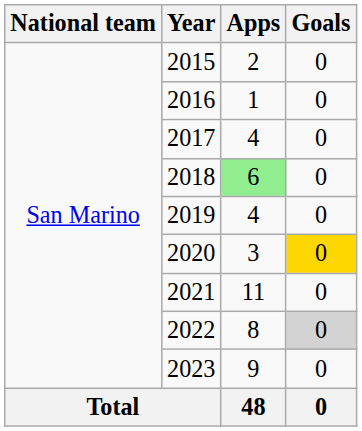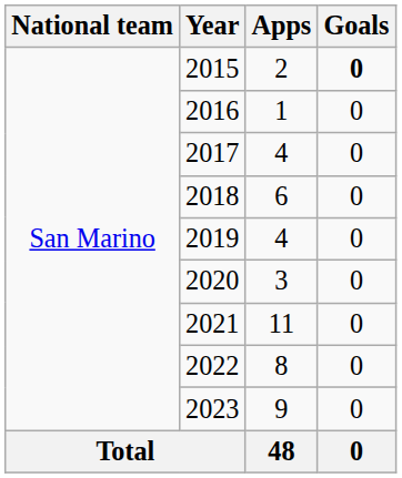 <table class="wikitable" style="text-align:center">
 <tr>
 <th>National team</th>
 <th>Year</th>
 <th>Apps</th>
 <th>Goals</th>
 </tr>
 <tr>
 <td rowspan="9"><a href='#'>San Marino</a></td>
 <td>2015</td>
 <td>2</td>
-<td>0</td>
+<td><strong>0</strong></td>
 </tr>
 <tr>
 <td>2016</td>
 <td>1</td>
 <td>0</td>
 </tr>
 <tr>
 <td>2017</td>
 <td>4</td>
 <td>0</td>
 </tr>
 <tr>
 <td>2018</td>
-<td style="background: lightgreen;">6</td>
+<td>6</td>
 <td>0</td>
 </tr>
 <tr>
 <td>2019</td>
 <td>4</td>
 <td>0</td>
 </tr>
 <tr>
 <td>2020</td>
 <td>3</td>
-<td style="background: gold;">0</td>
+<td>0</td>
 </tr>
 <tr>
 <td>2021</td>
 <td>11</td>
 <td>0</td>
 </tr>
 <tr>
 <td>2022</td>
 <td>8</td>
-<td style="background: lightgrey;">0</td>
+<td>0</td>
 </tr>
 <tr>
 <td>2023</td>
 <td>9</td>
 <td>0</td>
 </tr>
 <tr>
 <th colspan="2">Total</th>
 <th>48</th>
 <th>0</th>
 </tr>
 </table>
